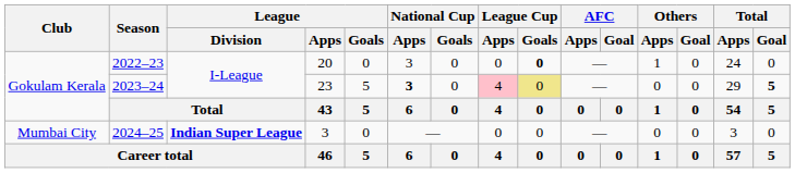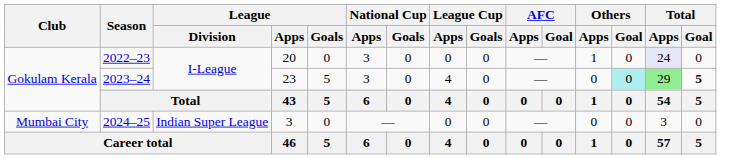 <table class="wikitable" style="text-align: center;">
 <tr>
 <th rowspan="2">Club</th>
 <th rowspan="2">Season</th>
 <th colspan="3">League</th>
 <th colspan="2">National Cup</th>
 <th colspan="2">League Cup</th>
 <th colspan="2"><a href='#'>AFC</a></th>
 <th colspan="2">Others</th>
 <th colspan="2">Total</th>
 </tr>
 <tr>
 <th>Division</th>
 <th>Apps</th>
 <th>Goals</th>
 <th>Apps</th>
 <th>Goals</th>
 <th>Apps</th>
 <th>Goals</th>
 <th>Apps</th>
 <th>Goal</th>
 <th>Apps</th>
 <th>Goal</th>
 <th>Apps</th>
 <th>Goal</th>
 </tr>
 <tr>
 <td rowspan="3"><a href='#'>Gokulam Kerala</a></td>
 <td><a href='#'>2022–23</a></td>
 <td rowspan="2"><a href='#'>I-League</a></td>
 <td>20</td>
 <td>0</td>
 <td>3</td>
 <td>0</td>
 <td>0</td>
-<td><strong>0</strong></td>
+<td>0</td>
 <td colspan="2">—</td>
 <td>1</td>
 <td>0</td>
-<td>24</td>
+<td style="background: lavender;">24</td>
 <td>0</td>
 </tr>
 <tr>
 <td><a href='#'>2023–24</a></td>
 <td>23</td>
 <td>5</td>
-<td><strong>3</strong></td>
+<td>3</td>
 <td>0</td>
-<td style="background: pink;">4</td>
-<td style="background: khaki;">0</td>
+<td>4</td>
+<td>0</td>
 <td colspan="2">—</td>
 <td>0</td>
-<td>0</td>
-<td>29</td>
+<td style="background: paleturquoise;">0</td>
+<td style="background: lightgreen;">29</td>
 <td><strong>5</strong></td>
 </tr>
 <tr>
 <th colspan="2">Total</th>
 <th>43</th>
 <th>5</th>
 <th>6</th>
 <th>0</th>
 <th>4</th>
 <th>0</th>
 <th>0</th>
 <th>0</th>
 <th>1</th>
 <th>0</th>
 <th>54</th>
 <th>5</th>
 </tr>
 <tr>
 <td rowspan="1"><a href='#'>Mumbai City</a></td>
 <td><a href='#'>2024–25</a></td>
-<td rowspan="1"><strong><a href='#'>Indian Super League</a></strong></td>
+<td rowspan="1"><a href='#'>Indian Super League</a></td>
 <td>3</td>
 <td>0</td>
 <td colspan="2">—</td>
 <td>0</td>
 <td>0</td>
 <td colspan="2">—</td>
 <td>0</td>
 <td>0</td>
 <td>3</td>
 <td>0</td>
 </tr>
 <tr>
 <th colspan="3">Career total</th>
 <th>46</th>
 <th>5</th>
 <th>6</th>
 <th>0</th>
 <th>4</th>
 <th>0</th>
 <th>0</th>
 <th>0</th>
 <th>1</th>
 <th>0</th>
 <th>57</th>
 <th>5</th>
 </tr>
 </table>
